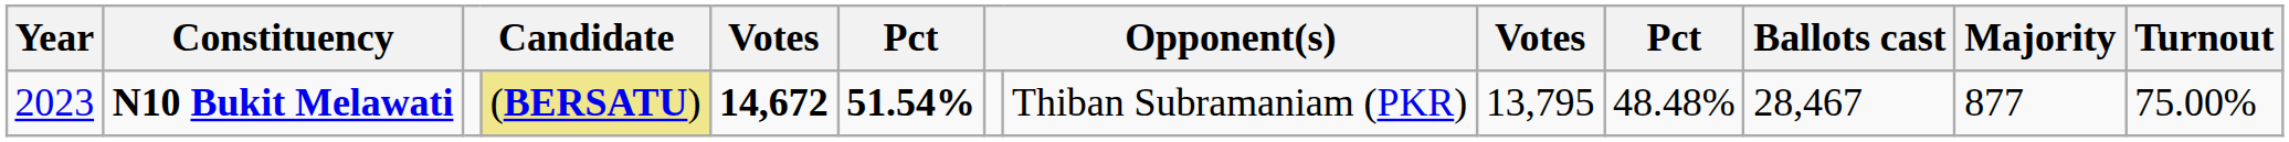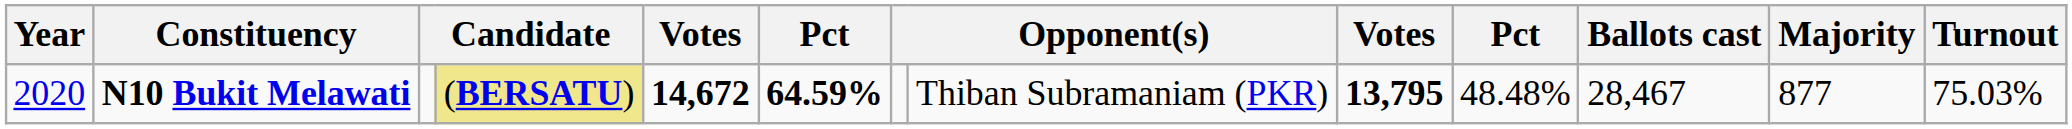 <table class="wikitable" style="margin:0.5em ; font-size:95%">
 <tr>
 <th>Year</th>
 <th>Constituency</th>
 <th colspan="2">Candidate</th>
 <th>Votes</th>
 <th>Pct</th>
 <th colspan="2">Opponent(s)</th>
 <th>Votes</th>
 <th>Pct</th>
 <th>Ballots cast</th>
 <th>Majority</th>
 <th>Turnout</th>
 </tr>
 <tr>
-<td><a href='#'>2023</a></td>
+<td><a href='#'>2020</a></td>
 <td><strong>N10 <a href='#'>Bukit Melawati</a></strong></td>
 <td></td>
 <td style="background: khaki;"> (<a href='#'><strong>BERSATU</strong></a>)</td>
 <td align=right><strong>14,672</strong></td>
-<td><strong>51.54%</strong></td>
+<td><strong>64.59%</strong></td>
 <td></td>
 <td>Thiban Subramaniam (<a href='#'>PKR</a>)</td>
-<td align=right>13,795</td>
+<td align=right><strong>13,795</strong></td>
 <td>48.48%</td>
 <td>28,467</td>
 <td>877</td>
-<td>75.00%</td>
+<td>75.03%</td>
 </tr>
 </table>
